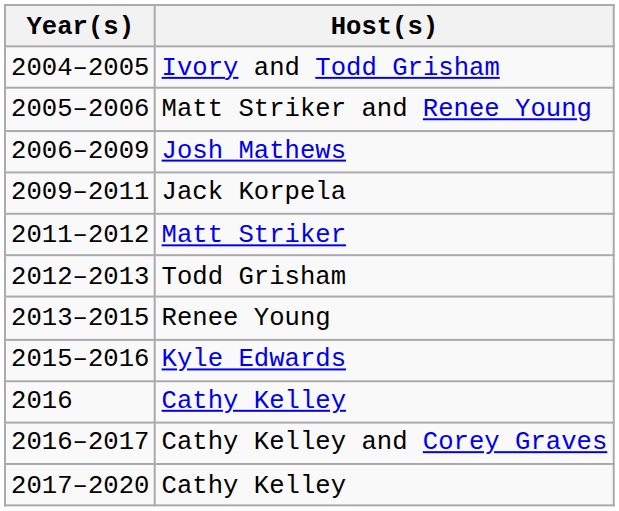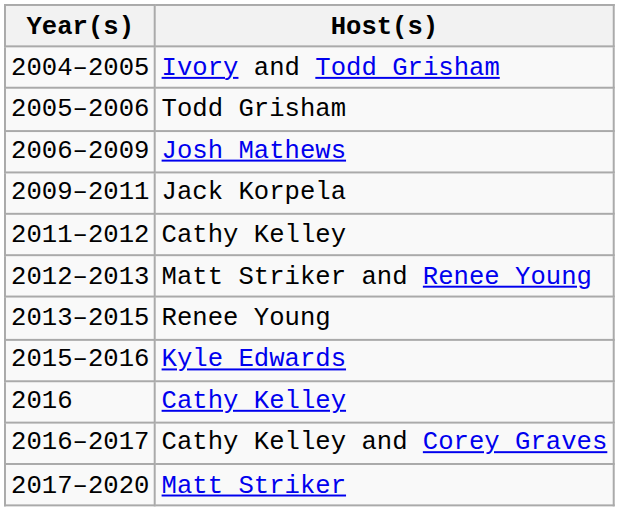 <table class="wikitable">
 <tr>
 <th>Year(s)</th>
 <th>Host(s)</th>
 </tr>
 <tr>
 <td>2004–2005</td>
 <td><a href='#'>Ivory</a> and <a href='#'>Todd Grisham</a></td>
 </tr>
 <tr>
 <td>2005–2006</td>
-<td>Matt Striker and <a href='#'>Renee Young</a></td>
+<td>Todd Grisham</td>
 </tr>
 <tr>
 <td>2006–2009</td>
 <td><a href='#'>Josh Mathews</a></td>
 </tr>
 <tr>
 <td>2009–2011</td>
 <td>Jack Korpela</td>
 </tr>
 <tr>
 <td>2011–2012</td>
-<td><a href='#'>Matt Striker</a></td>
+<td>Cathy Kelley</td>
 </tr>
 <tr>
 <td>2012–2013</td>
-<td>Todd Grisham</td>
+<td>Matt Striker and <a href='#'>Renee Young</a></td>
 </tr>
 <tr>
 <td>2013–2015</td>
 <td>Renee Young</td>
 </tr>
 <tr>
 <td>2015–2016</td>
 <td><a href='#'>Kyle Edwards</a></td>
 </tr>
 <tr>
 <td>2016</td>
 <td><a href='#'>Cathy Kelley</a></td>
 </tr>
 <tr>
 <td>2016–2017</td>
 <td>Cathy Kelley and <a href='#'>Corey Graves</a></td>
 </tr>
 <tr>
 <td>2017–2020</td>
-<td>Cathy Kelley</td>
+<td><a href='#'>Matt Striker</a></td>
 </tr>
 </table>
